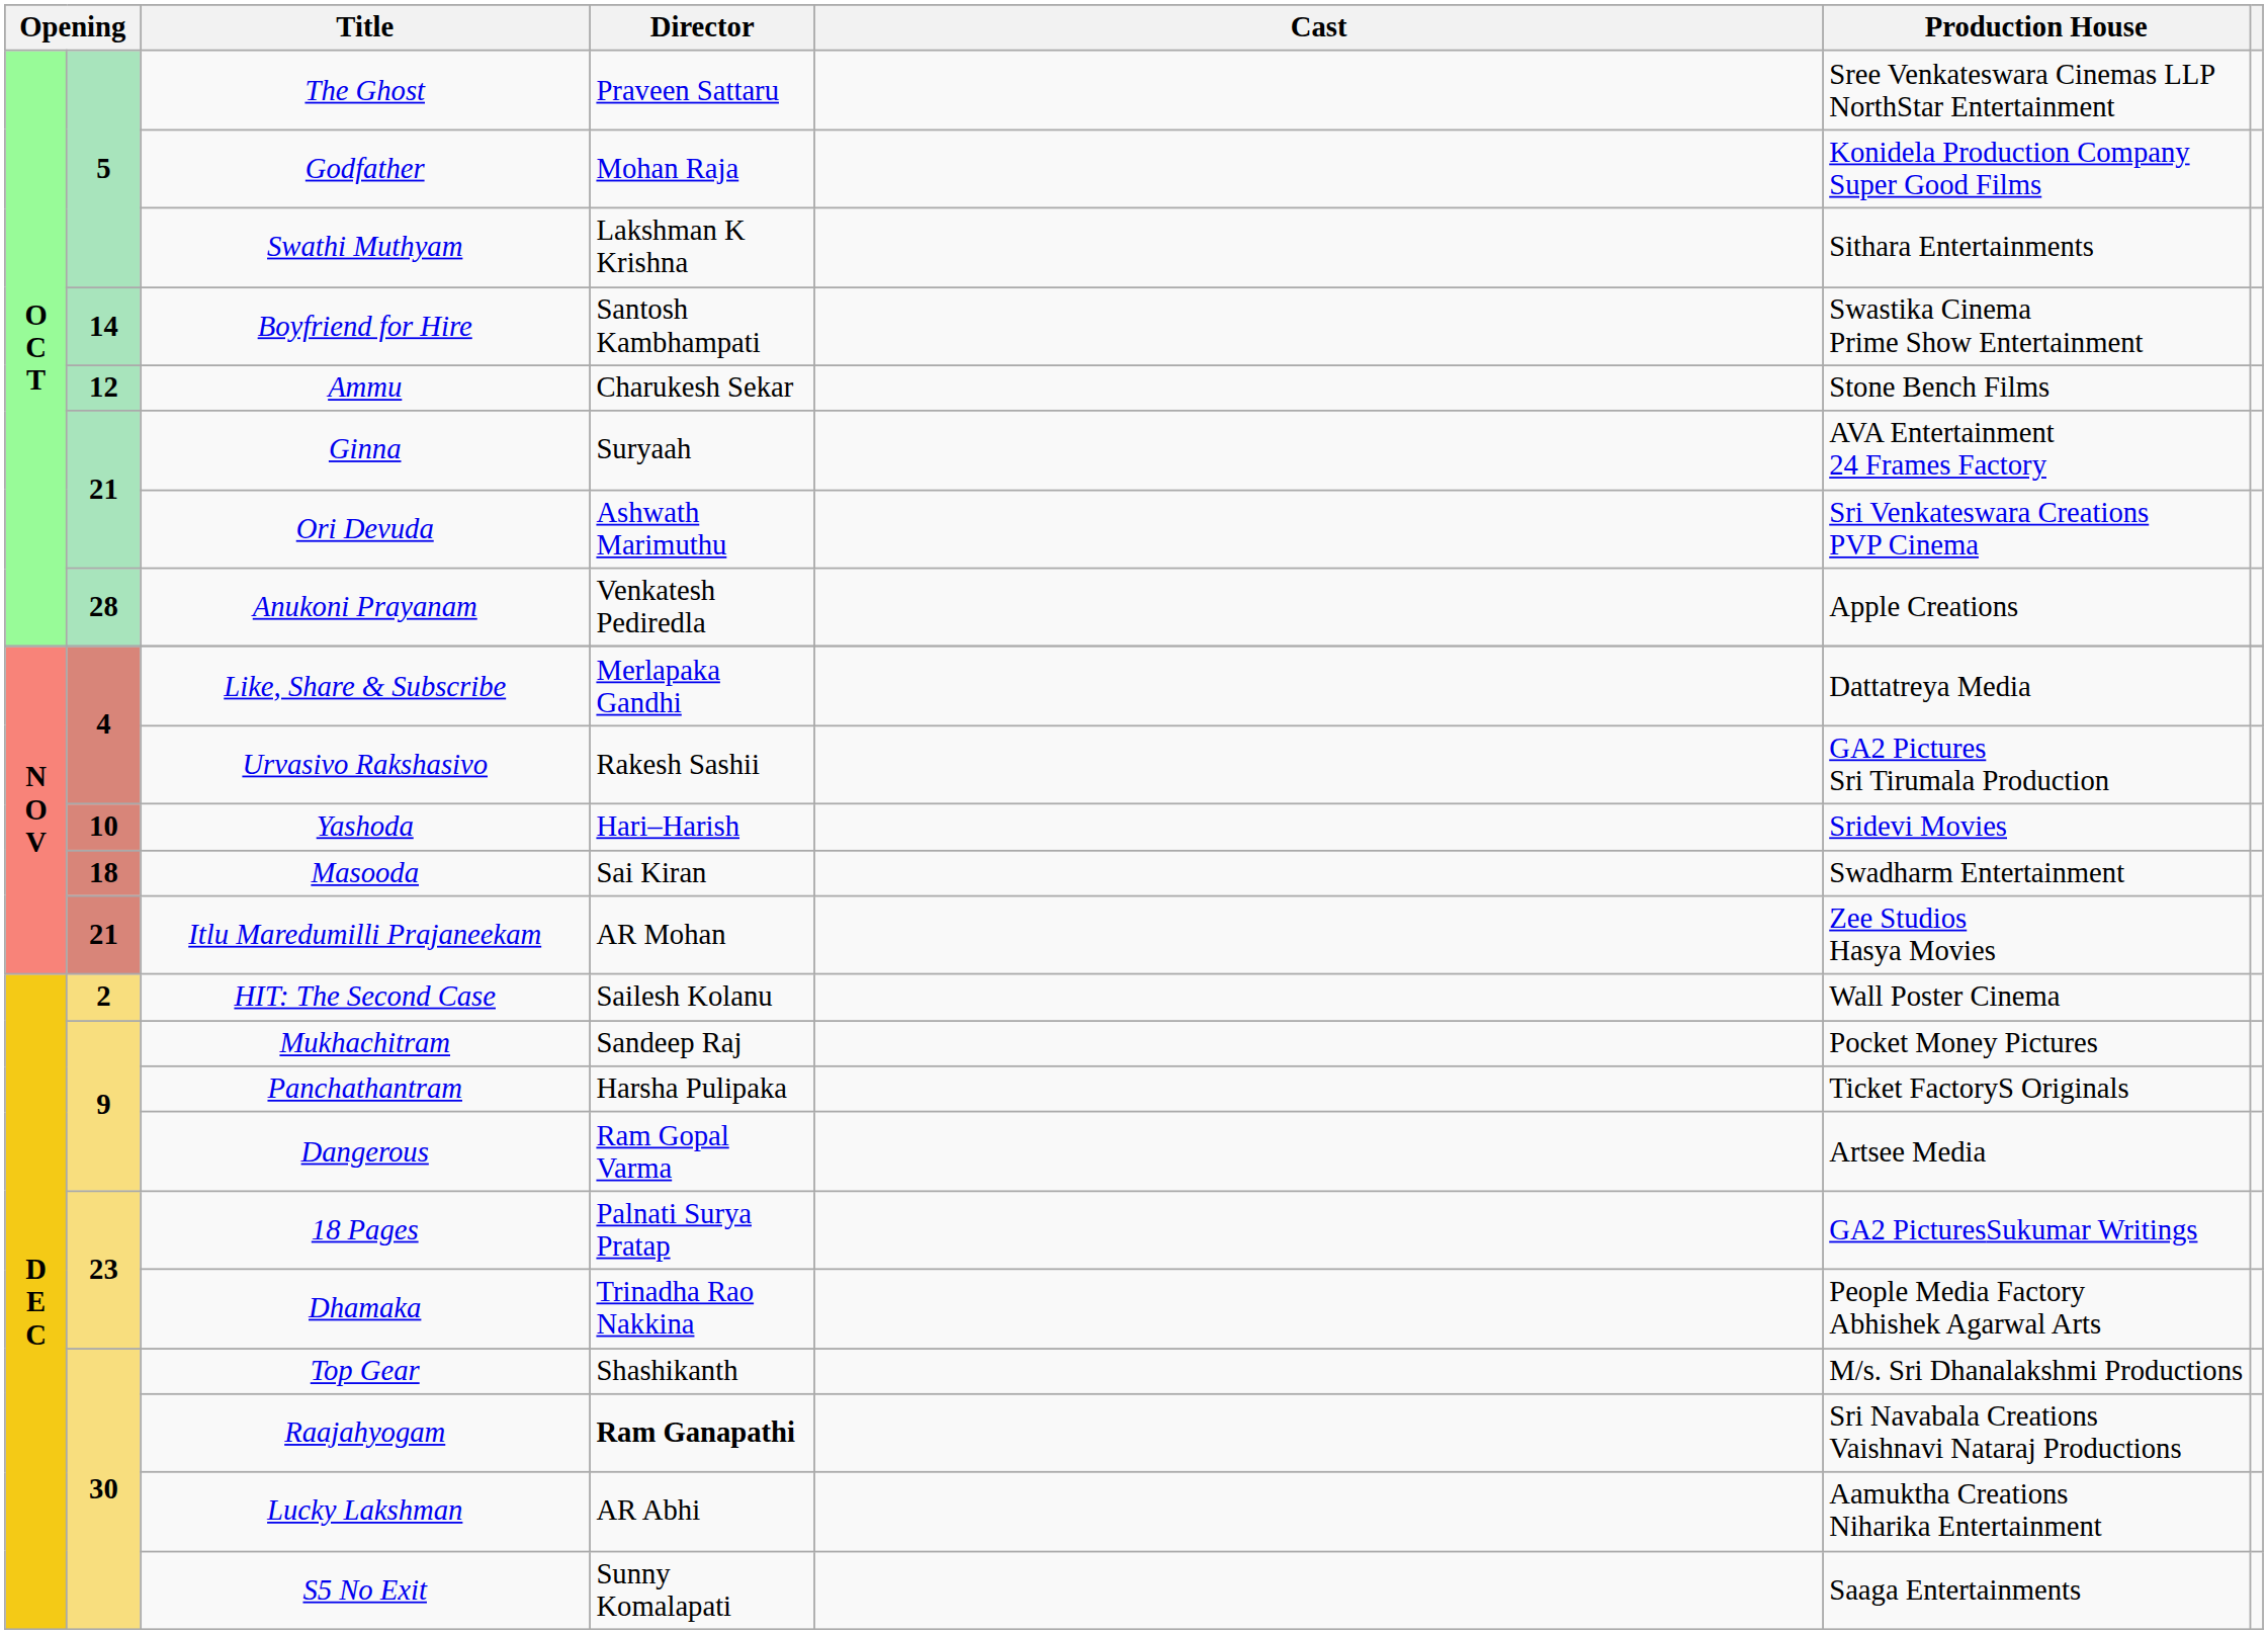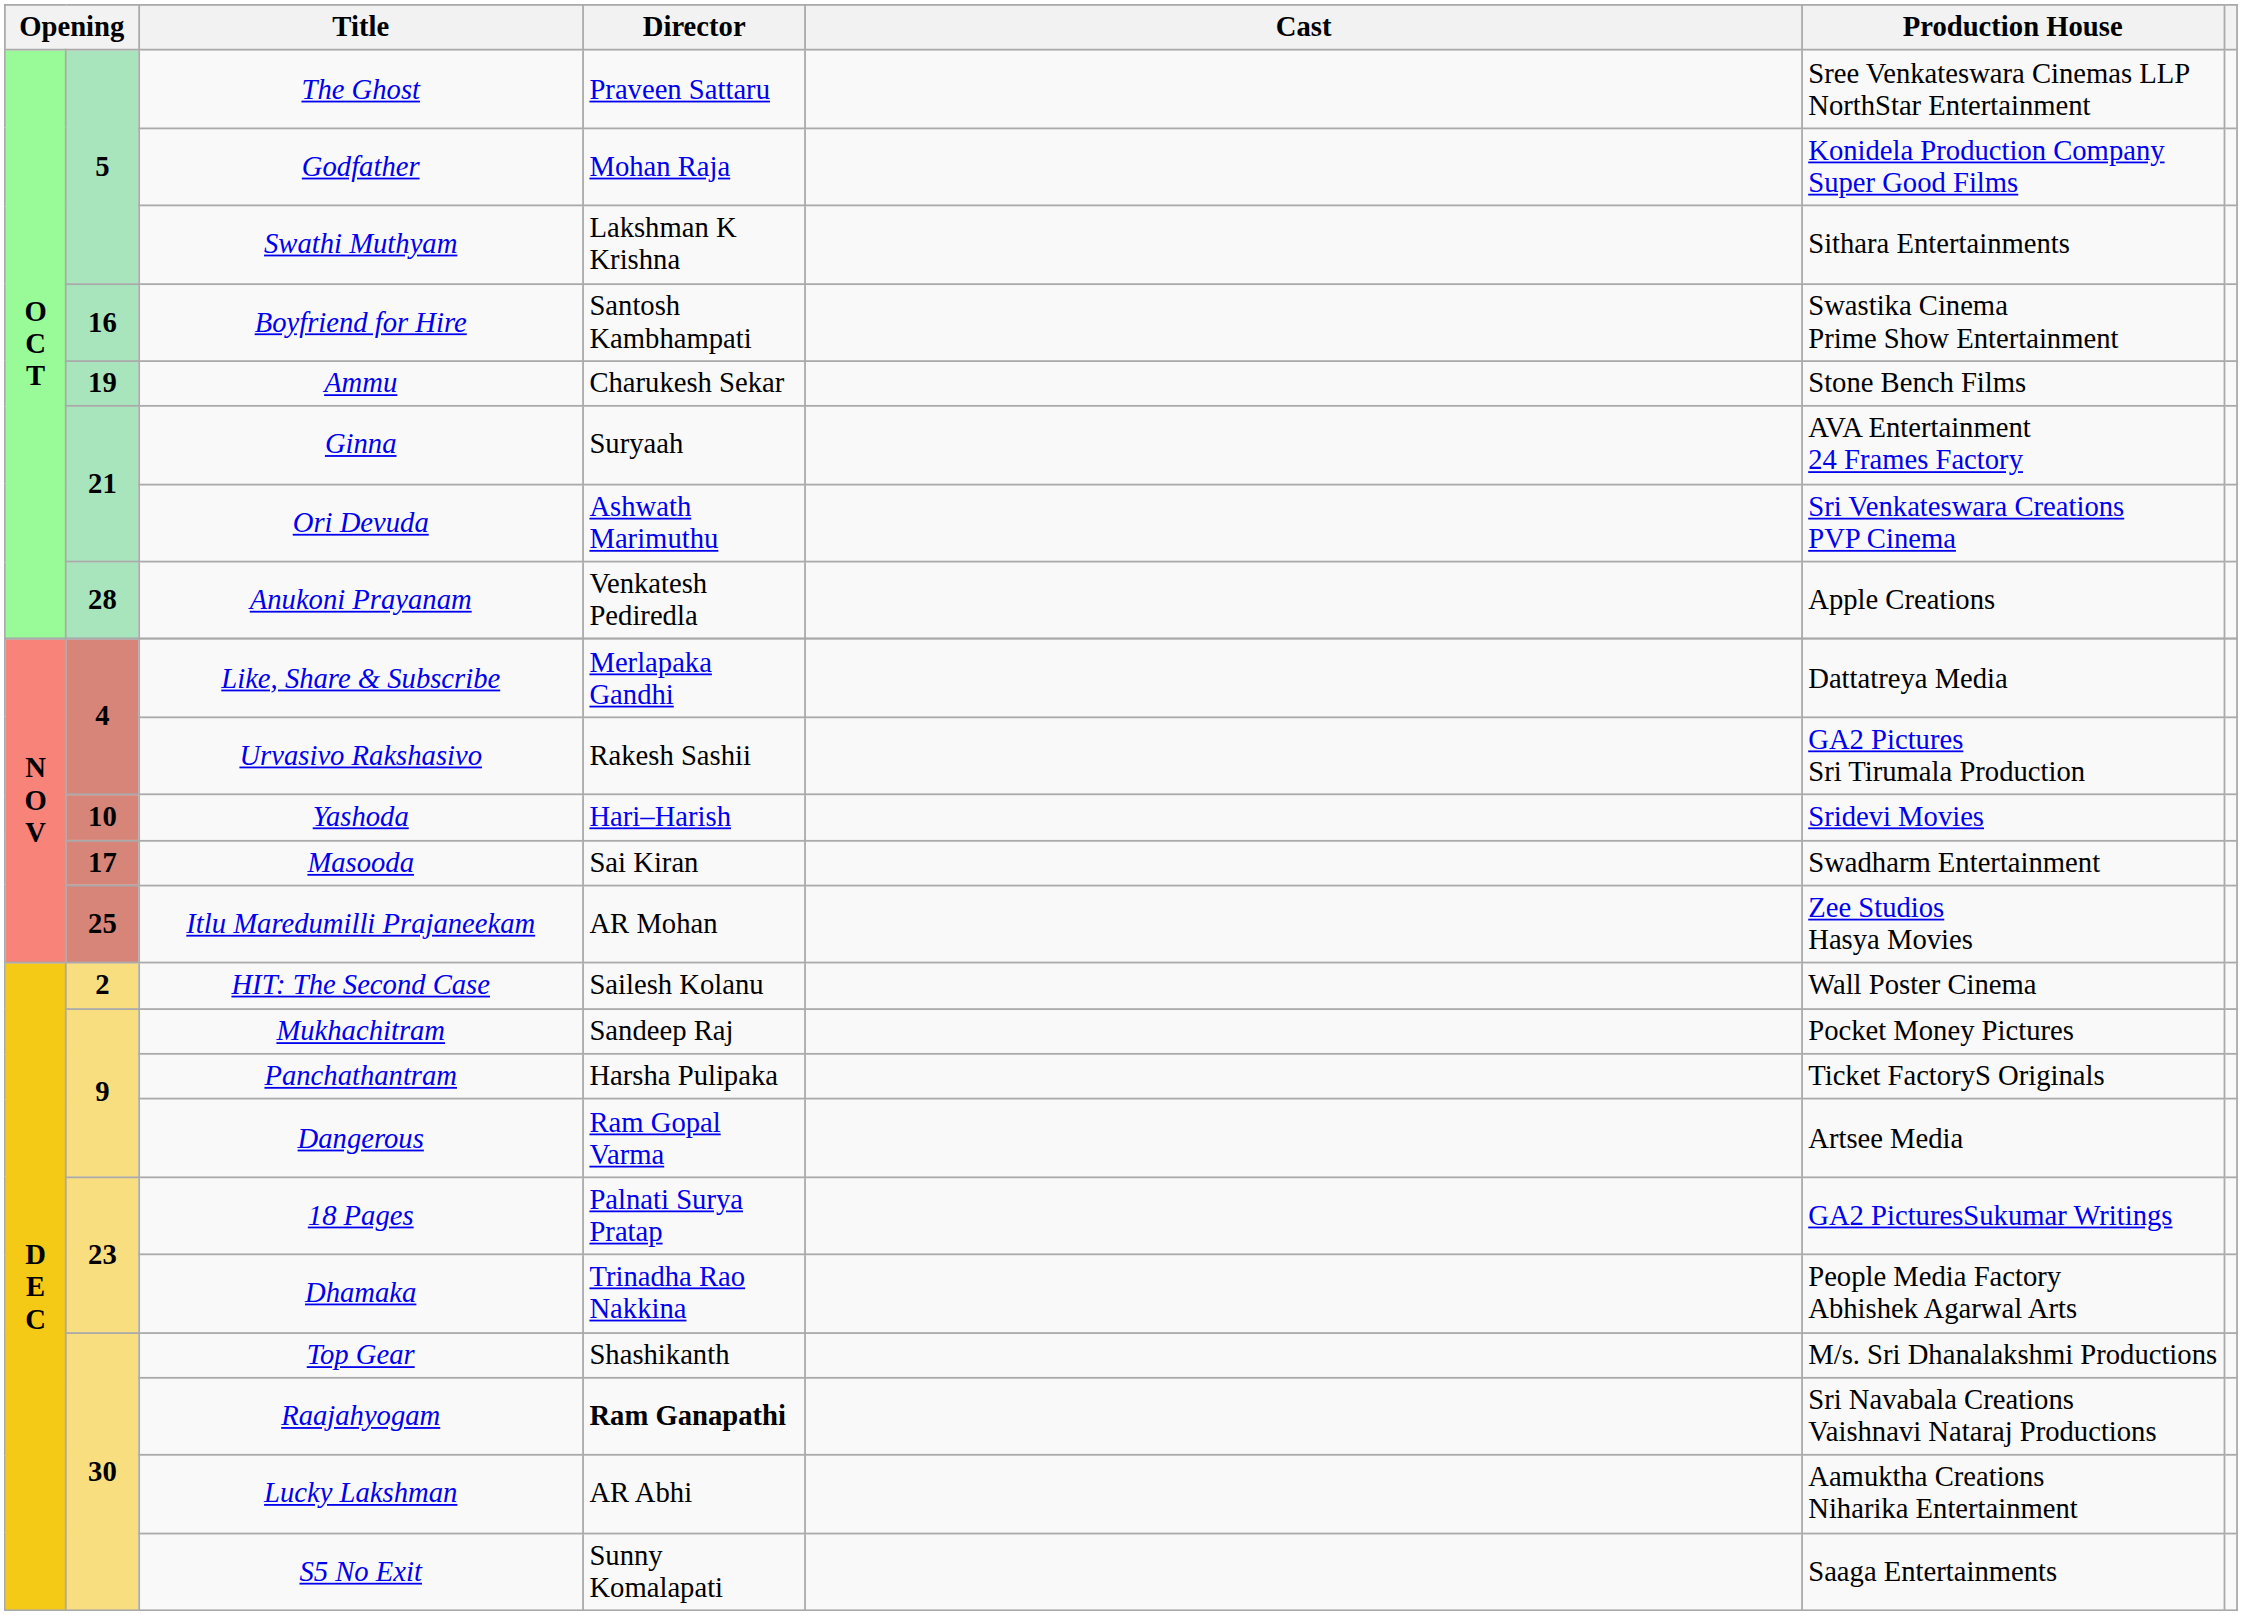 <table class="wikitable sortable">
 <tr>
 <th colspan="2" style="width:6%;"><strong>Opening</strong></th>
 <th style="width:20%;"><strong>Title</strong></th>
 <th style="width:10%;"><strong>Director</strong></th>
 <th style="width:45%;"><strong>Cast</strong></th>
 <th style="width:30%;"><strong>Production House</strong></th>
 <th style="width:1%;" class="unsortable"></th>
 </tr>
 <tr October!>
 <td rowspan="8" style="text-align:center; background:#98fb98; textcolor:#000;"><strong>O<br>C<br>T</strong></td>
 <td rowspan="3" style="text-align:center; background:#a8e4bc;"><strong>5</strong></td>
 <td style="text-align:center;"><a href='#'><em>The Ghost</em></a></td>
 <td><a href='#'>Praveen Sattaru</a></td>
 <td></td>
 <td>Sree Venkateswara Cinemas LLP<br>NorthStar Entertainment</td>
 <td></td>
 </tr>
 <tr>
 <td style="text-align:center;"><em><a href='#'>Godfather</a></em></td>
 <td><a href='#'>Mohan Raja</a></td>
 <td></td>
 <td><a href='#'>Konidela Production Company</a><br><a href='#'>Super Good Films</a></td>
 <td></td>
 </tr>
 <tr>
 <td style="text-align:center;"><em><a href='#'>Swathi Muthyam</a></em></td>
 <td>Lakshman K Krishna</td>
 <td></td>
 <td>Sithara Entertainments</td>
 <td></td>
 </tr>
 <tr>
-<td rowspan="1" style="text-align:center; background:#a8e4bc;"><strong>14</strong></td>
+<td rowspan="1" style="text-align:center; background:#a8e4bc;"><strong>16</strong></td>
 <td style="text-align:center;"><em><a href='#'>Boyfriend for Hire</a></em></td>
 <td>Santosh Kambhampati</td>
 <td></td>
 <td>Swastika Cinema<br>Prime Show Entertainment</td>
 <td></td>
 </tr>
 <tr>
-<td rowspan="1" style="text-align:center; background:#a8e4bc;"><strong>12</strong></td>
+<td rowspan="1" style="text-align:center; background:#a8e4bc;"><strong>19</strong></td>
 <td style="text-align:center;"><em><a href='#'>Ammu</a></em></td>
 <td>Charukesh Sekar</td>
 <td></td>
 <td>Stone Bench Films</td>
 <td></td>
 </tr>
 <tr>
 <td rowspan="2" style="text-align:center; background:#a8e4bc;"><strong>21</strong></td>
 <td style="text-align:center;"><a href='#'><em>Ginna</em></a></td>
 <td>Suryaah</td>
 <td></td>
 <td>AVA Entertainment<br><a href='#'>24 Frames Factory</a></td>
 <td></td>
 </tr>
 <tr>
 <td style="text-align:center;"><em><a href='#'>Ori Devuda</a></em></td>
 <td><a href='#'>Ashwath Marimuthu</a></td>
 <td></td>
 <td><a href='#'>Sri Venkateswara Creations</a><br><a href='#'>PVP Cinema</a></td>
 <td></td>
 </tr>
 <tr>
 <td rowspan="1" style="text-align:center; background:#a8e4bc;"><strong>28</strong></td>
 <td style="text-align:center;"><em><a href='#'>Anukoni Prayanam</a></em></td>
 <td>Venkatesh Pediredla</td>
 <td></td>
 <td>Apple Creations</td>
 <td></td>
 </tr>
 <tr>
 </tr>
 <tr November!>
 <th rowspan="5" style="text-align:center; background:#F88379; textcolor:#000;"><strong>N<br>O<br>V</strong></th>
 <td rowspan="2" style="text-align:center; background:#d88579;"><strong>4</strong></td>
 <td style="text-align:center;"><em><a href='#'>Like, Share & Subscribe</a></em></td>
 <td><a href='#'>Merlapaka Gandhi</a></td>
 <td></td>
 <td>Dattatreya Media</td>
 <td></td>
 </tr>
 <tr>
 <td style="text-align:center;"><em><a href='#'>Urvasivo Rakshasivo</a></em></td>
 <td>Rakesh Sashii</td>
 <td></td>
 <td><a href='#'>GA2 Pictures</a><br>Sri Tirumala Production</td>
 <td></td>
 </tr>
 <tr>
 <td style="text-align:center; background:#d88579;"><strong>10</strong></td>
 <td style="text-align:center;"><a href='#'><em>Yashoda</em></a></td>
 <td><a href='#'>Hari–Harish</a></td>
 <td></td>
 <td><a href='#'>Sridevi Movies</a></td>
 <td></td>
 </tr>
 <tr>
-<td style="text-align:center; background:#d88579;"><strong>18</strong></td>
+<td style="text-align:center; background:#d88579;"><strong>17</strong></td>
 <td style="text-align:center;"><em><a href='#'>Masooda</a></em></td>
 <td>Sai Kiran</td>
 <td></td>
 <td>Swadharm Entertainment</td>
 <td></td>
 </tr>
 <tr>
-<td style="text-align:center; background:#d88579;"><strong>21</strong></td>
+<td style="text-align:center; background:#d88579;"><strong>25</strong></td>
 <td style="text-align:center;"><em><a href='#'>Itlu Maredumilli Prajaneekam</a></em></td>
 <td>AR Mohan</td>
 <td></td>
 <td><a href='#'>Zee Studios</a><br>Hasya Movies</td>
 <td></td>
 </tr>
 <tr>
 <td rowspan="10" style="text-align:center; background:#F4CA16; textcolor:#000;"><strong>D<br>E<br>C</strong></td>
 <td style="text-align:center; background:#F8DE7E;"><strong>2</strong></td>
 <td style="text-align:center;"><em><a href='#'>HIT: The Second Case</a></em></td>
 <td>Sailesh Kolanu</td>
 <td></td>
 <td>Wall Poster Cinema</td>
 <td></td>
 </tr>
 <tr>
 <td rowspan="3" style="text-align:center; background:#F8DE7E;"><strong>9</strong></td>
 <td style="text-align:center;"><em><a href='#'>Mukhachitram</a></em></td>
 <td>Sandeep Raj</td>
 <td></td>
 <td>Pocket Money Pictures</td>
 <td></td>
 </tr>
 <tr>
 <td style="text-align:center;"><em><a href='#'>Panchathantram</a></em></td>
 <td>Harsha Pulipaka</td>
 <td></td>
 <td>Ticket FactoryS Originals</td>
 <td></td>
 </tr>
 <tr>
 <td style="text-align:center;"><em><a href='#'>Dangerous</a></em></td>
 <td><a href='#'>Ram Gopal Varma</a></td>
 <td></td>
 <td>Artsee Media</td>
 <td></td>
 </tr>
 <tr>
 <td rowspan="2" style="text-align:center; background:#F8DE7E;"><strong>23</strong></td>
 <td style="text-align:center;"><em><a href='#'>18 Pages</a></em></td>
 <td><a href='#'>Palnati Surya Pratap</a></td>
 <td></td>
 <td><a href='#'>GA2 Pictures</a><a href='#'>Sukumar Writings</a></td>
 <td></td>
 </tr>
 <tr>
 <td style="text-align:center;"><em><a href='#'>Dhamaka</a></em></td>
 <td><a href='#'>Trinadha Rao Nakkina</a></td>
 <td></td>
 <td>People Media Factory<br>Abhishek Agarwal Arts</td>
 <td></td>
 </tr>
 <tr>
 <td rowspan="4" style="text-align:center; background:#F8DE7E;"><strong>30</strong></td>
 <td style="text-align:center;"><em><a href='#'>Top Gear</a></em></td>
 <td>Shashikanth</td>
 <td></td>
 <td>M/s. Sri Dhanalakshmi Productions</td>
 <td></td>
 </tr>
 <tr>
 <td style="text-align:center;"><em><a href='#'>Raajahyogam</a></em></td>
 <td><strong>Ram Ganapathi</strong></td>
 <td></td>
 <td>Sri Navabala Creations<br>Vaishnavi Nataraj Productions</td>
 <td></td>
 </tr>
 <tr>
 <td style="text-align:center;"><em><a href='#'>Lucky Lakshman</a></em></td>
 <td>AR Abhi</td>
 <td></td>
 <td>Aamuktha Creations<br>Niharika Entertainment</td>
 <td></td>
 </tr>
 <tr>
 <td style="text-align:center;"><em><a href='#'>S5 No Exit</a></em></td>
 <td>Sunny Komalapati</td>
 <td></td>
 <td>Saaga Entertainments</td>
 <td></td>
 </tr>
 <tr>
 </tr>
 </table>
